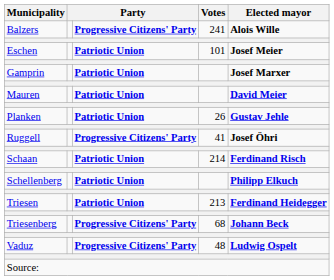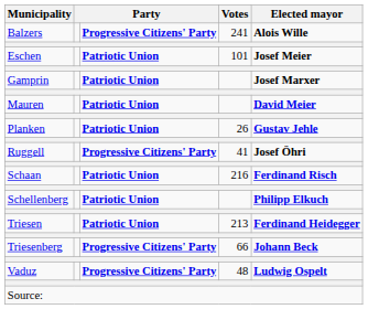 <table class="wikitable" style="text-align:right">
 <tr>
 <th>Municipality</th>
 <th colspan="2">Party</th>
 <th>Votes</th>
 <th>Elected mayor</th>
 </tr>
 <tr>
 <td align="left"><a href='#'>Balzers</a></td>
 <td style="color:inherit;background:"></td>
 <td align="left"><strong><a href='#'>Progressive Citizens' Party</a></strong></td>
 <td>241</td>
 <td align="left"><strong>Alois Wille</strong></td>
 </tr>
 <tr>
 <th colspan="5"></th>
 </tr>
 <tr>
 <td align="left"><a href='#'>Eschen</a></td>
 <td style="color:inherit;background:"></td>
 <td align="left"><a href='#'><strong>Patriotic Union</strong></a></td>
 <td>101</td>
 <td align="left"><strong>Josef Meier</strong></td>
 </tr>
 <tr>
 <th colspan="5"></th>
 </tr>
 <tr>
 <td align="left"><a href='#'>Gamprin</a></td>
 <td style="color:inherit;background:"></td>
 <td align="left"><a href='#'><strong>Patriotic Union</strong></a></td>
 <td></td>
 <td align="left"><strong>Josef Marxer</strong></td>
 </tr>
 <tr>
 <th colspan="5"></th>
 </tr>
 <tr>
 <td align="left"><a href='#'>Mauren</a></td>
 <td style="color:inherit;background:"></td>
 <td align="left"><a href='#'><strong>Patriotic Union</strong></a></td>
 <td></td>
 <td align="left"><strong><a href='#'>David Meier</a></strong></td>
 </tr>
 <tr>
 <th colspan="5"></th>
 </tr>
 <tr>
 <td align="left"><a href='#'>Planken</a></td>
 <td style="color:inherit;background:"></td>
 <td align="left"><a href='#'><strong>Patriotic Union</strong></a></td>
 <td>26</td>
 <td align="left"><strong><a href='#'>Gustav Jehle</a></strong></td>
 </tr>
 <tr>
 <th colspan="5"></th>
 </tr>
 <tr>
 <td align="left"><a href='#'>Ruggell</a></td>
 <td style="color:inherit;background:"></td>
 <td align="left"><strong><a href='#'>Progressive Citizens' Party</a></strong></td>
 <td>41</td>
 <td align="left"><strong>Josef Öhri</strong></td>
 </tr>
 <tr>
 <th colspan="5"></th>
 </tr>
 <tr>
 <td align="left"><a href='#'>Schaan</a></td>
 <td style="color:inherit;background:"></td>
 <td align="left"><a href='#'><strong>Patriotic Union</strong></a></td>
-<td>214</td>
+<td>216</td>
 <td align="left"><strong><a href='#'>Ferdinand Risch</a></strong></td>
 </tr>
 <tr>
 <th colspan="5"></th>
 </tr>
 <tr>
 <td align="left"><a href='#'>Schellenberg</a></td>
 <td style="color:inherit;background:"></td>
 <td align="left"><a href='#'><strong>Patriotic Union</strong></a></td>
 <td></td>
 <td align="left"><strong><a href='#'>Philipp Elkuch</a></strong></td>
 </tr>
 <tr>
 <th colspan="5"></th>
 </tr>
 <tr>
 <td align="left"><a href='#'>Triesen</a></td>
 <td style="color:inherit;background:"></td>
 <td align="left"><a href='#'><strong>Patriotic Union</strong></a></td>
 <td>213</td>
 <td align="left"><strong><a href='#'>Ferdinand Heidegger</a></strong></td>
 </tr>
 <tr>
 <th colspan="5"></th>
 </tr>
 <tr>
 <td align="left"><a href='#'>Triesenberg</a></td>
 <td style="color:inherit;background:"></td>
 <td align="left"><strong><a href='#'>Progressive Citizens' Party</a></strong></td>
-<td>68</td>
+<td>66</td>
 <td align="left"><strong><a href='#'>Johann Beck</a></strong></td>
 </tr>
 <tr>
 <th colspan="5"></th>
 </tr>
 <tr>
 <td align="left"><a href='#'>Vaduz</a></td>
 <td style="color:inherit;background:"></td>
 <td align="left"><strong><a href='#'>Progressive Citizens' Party</a></strong></td>
 <td>48</td>
 <td align="left"><strong><a href='#'>Ludwig Ospelt</a></strong></td>
 </tr>
 <tr>
 <th colspan="5"></th>
 </tr>
 <tr>
 <td colspan="5" align="left">Source: </td>
 </tr>
 </table>
